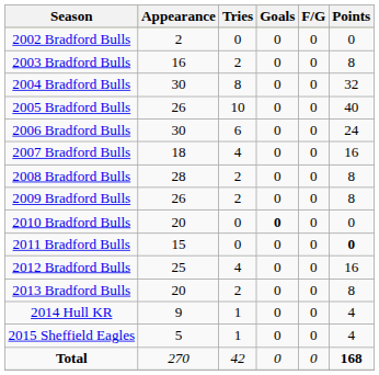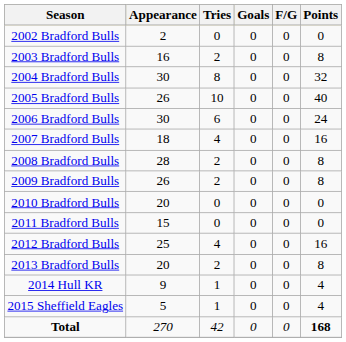 <table class="wikitable" style="text-align:center;">
 <tr bgcolor=#bdb76b>
 <th>Season</th>
 <th>Appearance</th>
 <th>Tries</th>
 <th>Goals</th>
 <th>F/G</th>
 <th>Points</th>
 </tr>
 <tr>
 <td><a href='#'>2002 Bradford Bulls</a></td>
 <td>2</td>
 <td>0</td>
 <td>0</td>
 <td>0</td>
 <td>0</td>
 </tr>
 <tr>
 <td><a href='#'>2003 Bradford Bulls</a></td>
 <td>16</td>
 <td>2</td>
 <td>0</td>
 <td>0</td>
 <td>8</td>
 </tr>
 <tr>
 <td><a href='#'>2004 Bradford Bulls</a></td>
 <td>30</td>
 <td>8</td>
 <td>0</td>
 <td>0</td>
 <td>32</td>
 </tr>
 <tr>
 <td><a href='#'>2005 Bradford Bulls</a></td>
 <td>26</td>
 <td>10</td>
 <td>0</td>
 <td>0</td>
 <td>40</td>
 </tr>
 <tr>
 <td><a href='#'>2006 Bradford Bulls</a></td>
 <td>30</td>
 <td>6</td>
 <td>0</td>
 <td>0</td>
 <td>24</td>
 </tr>
 <tr>
 <td><a href='#'>2007 Bradford Bulls</a></td>
 <td>18</td>
 <td>4</td>
 <td>0</td>
 <td>0</td>
 <td>16</td>
 </tr>
 <tr>
 <td><a href='#'>2008 Bradford Bulls</a></td>
 <td>28</td>
 <td>2</td>
 <td>0</td>
 <td>0</td>
 <td>8</td>
 </tr>
 <tr>
 <td><a href='#'>2009 Bradford Bulls</a></td>
 <td>26</td>
 <td>2</td>
 <td>0</td>
 <td>0</td>
 <td>8</td>
 </tr>
 <tr>
 <td><a href='#'>2010 Bradford Bulls</a></td>
 <td>20</td>
 <td>0</td>
-<td><strong>0</strong></td>
+<td>0</td>
 <td>0</td>
 <td>0</td>
 </tr>
 <tr>
 <td><a href='#'>2011 Bradford Bulls</a></td>
 <td>15</td>
 <td>0</td>
 <td>0</td>
 <td>0</td>
-<td><strong>0</strong></td>
+<td>0</td>
 </tr>
 <tr>
 <td><a href='#'>2012 Bradford Bulls</a></td>
 <td>25</td>
 <td>4</td>
 <td>0</td>
 <td>0</td>
 <td>16</td>
 </tr>
 <tr>
 <td><a href='#'>2013 Bradford Bulls</a></td>
 <td>20</td>
 <td>2</td>
 <td>0</td>
 <td>0</td>
 <td>8</td>
 </tr>
 <tr>
 <td><a href='#'>2014 Hull KR</a></td>
 <td>9</td>
 <td>1</td>
 <td>0</td>
 <td>0</td>
 <td>4</td>
 </tr>
 <tr>
 <td><a href='#'>2015 Sheffield Eagles</a></td>
 <td>5</td>
 <td>1</td>
 <td>0</td>
 <td>0</td>
 <td>4</td>
 </tr>
 <tr>
 <td><strong>Total</strong></td>
 <td><em>270</em></td>
 <td><em>42</em></td>
 <td><em>0</em></td>
 <td><em>0</em></td>
 <td><strong>168</strong></td>
 </tr>
 <tr>
 </tr>
 </table>
